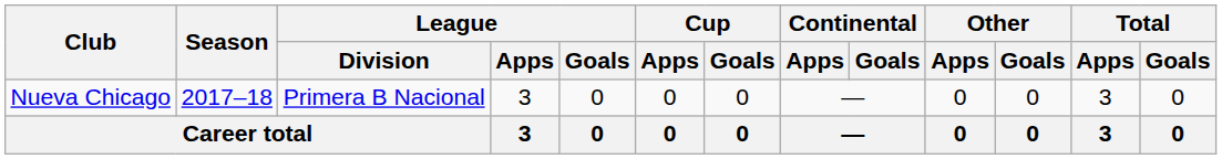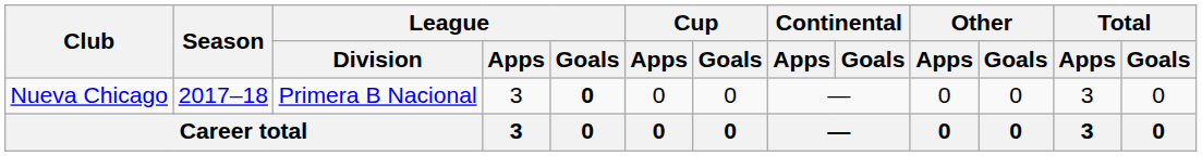 <table class="wikitable" style="text-align:center">
 <tr>
 <th rowspan="2">Club</th>
 <th rowspan="2">Season</th>
 <th colspan="3">League</th>
 <th colspan="2">Cup</th>
 <th colspan="2">Continental</th>
 <th colspan="2">Other</th>
 <th colspan="2">Total</th>
 </tr>
 <tr>
 <th>Division</th>
 <th>Apps</th>
 <th>Goals</th>
 <th>Apps</th>
 <th>Goals</th>
 <th>Apps</th>
 <th>Goals</th>
 <th>Apps</th>
 <th>Goals</th>
 <th>Apps</th>
 <th>Goals</th>
 </tr>
 <tr>
 <td rowspan="1"><a href='#'>Nueva Chicago</a></td>
 <td><a href='#'>2017–18</a></td>
 <td rowspan="1"><a href='#'>Primera B Nacional</a></td>
 <td>3</td>
-<td>0</td>
+<td><strong>0</strong></td>
 <td>0</td>
 <td>0</td>
 <td colspan="2">—</td>
 <td>0</td>
 <td>0</td>
 <td>3</td>
 <td>0</td>
 </tr>
 <tr>
 <th colspan="3">Career total</th>
 <th>3</th>
 <th>0</th>
 <th>0</th>
 <th>0</th>
 <th colspan="2">—</th>
 <th>0</th>
 <th>0</th>
 <th>3</th>
 <th>0</th>
 </tr>
 </table>
